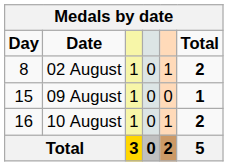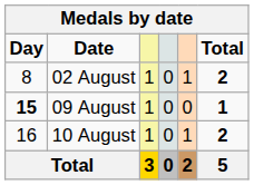 <table class="wikitable" style="font-size:85%; float:left;text-align:center">
 <tr bgcolor="#efefef">
 <th colspan=7>Medals by date</th>
 </tr>
 <tr align=center>
 <td><strong>Day</strong></td>
 <td><strong>Date</strong></td>
 <td bgcolor=#f7f6a8></td>
 <td bgcolor=#dce5e5></td>
 <td bgcolor=#ffdab9></td>
 <td><strong>Total</strong></td>
 </tr>
 <tr align=center>
 <td>8</td>
 <td>02 August</td>
 <td style="background:#F7F6A8;">1</td>
 <td style="background:#DCE5E5;">0</td>
 <td style="background:#FFDAB9;">1</td>
 <td><strong>2</strong></td>
 </tr>
 <tr align=center>
-<td>15</td>
+<td><strong>15</strong></td>
 <td>09 August</td>
 <td style="background:#F7F6A8;">1</td>
 <td style="background:#DCE5E5;">0</td>
 <td style="background:#FFDAB9;">0</td>
 <td><strong>1</strong></td>
 </tr>
 <tr align=center>
 <td>16</td>
 <td>10 August</td>
 <td style="background:#F7F6A8;">1</td>
 <td style="background:#DCE5E5;">0</td>
 <td style="background:#FFDAB9;">1</td>
 <td><strong>2</strong></td>
 </tr>
 <tr align=center>
 <th colspan=2><strong>Total</strong></th>
 <th style="background:gold;"><strong>3</strong></th>
 <th style="background:silver;"><strong>0</strong></th>
 <th style="background:#c96;"><strong>2</strong></th>
 <th>5</th>
 </tr>
 </table>
